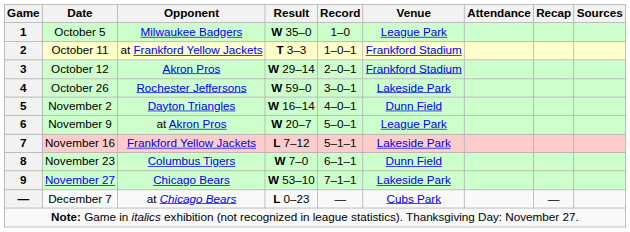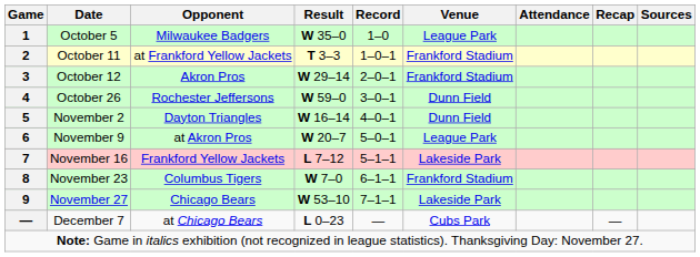 <table class="wikitable" style="text-align:center">
 <tr>
 <th>Game</th>
 <th>Date</th>
 <th>Opponent</th>
 <th>Result</th>
 <th>Record</th>
 <th>Venue</th>
 <th>Attendance</th>
 <th>Recap</th>
 <th>Sources</th>
 </tr>
 <tr style="background:#cfc">
 <th>1</th>
 <td>October 5</td>
 <td><a href='#'>Milwaukee Badgers</a></td>
 <td><strong>W</strong> 35–0</td>
 <td>1–0</td>
 <td><a href='#'>League Park</a></td>
 <td></td>
 <td></td>
 <td></td>
 </tr>
 <tr style="background:#ffc">
 <th>2</th>
 <td>October 11</td>
 <td>at <a href='#'>Frankford Yellow Jackets</a></td>
 <td><strong>T</strong> 3–3</td>
 <td>1–0–1</td>
 <td><a href='#'>Frankford Stadium</a></td>
 <td></td>
 <td></td>
 <td></td>
 </tr>
 <tr style="background:#cfc">
 <th>3</th>
 <td>October 12</td>
 <td><a href='#'>Akron Pros</a></td>
 <td><strong>W</strong> 29–14</td>
 <td>2–0–1</td>
 <td><a href='#'>Frankford Stadium</a></td>
 <td></td>
 <td></td>
 <td></td>
 </tr>
 <tr style="background:#cfc">
 <th>4</th>
 <td>October 26</td>
 <td><a href='#'>Rochester Jeffersons</a></td>
 <td><strong>W</strong> 59–0</td>
 <td>3–0–1</td>
-<td><a href='#'>Lakeside Park</a></td>
+<td><a href='#'>Dunn Field</a></td>
 <td></td>
 <td></td>
 <td></td>
 </tr>
 <tr style="background:#cfc">
 <th>5</th>
 <td>November 2</td>
 <td><a href='#'>Dayton Triangles</a></td>
 <td><strong>W</strong> 16–14</td>
 <td>4–0–1</td>
 <td><a href='#'>Dunn Field</a></td>
 <td></td>
 <td></td>
 <td></td>
 </tr>
 <tr style="background:#cfc">
 <th>6</th>
 <td>November 9</td>
 <td>at <a href='#'>Akron Pros</a></td>
 <td><strong>W</strong> 20–7</td>
 <td>5–0–1</td>
 <td><a href='#'>League Park</a></td>
 <td></td>
 <td></td>
 <td></td>
 </tr>
 <tr style="background:#fcc">
 <th>7</th>
 <td>November 16</td>
 <td><a href='#'>Frankford Yellow Jackets</a></td>
 <td><strong>L</strong> 7–12</td>
 <td>5–1–1</td>
 <td><a href='#'>Lakeside Park</a></td>
 <td></td>
 <td></td>
 <td></td>
 </tr>
 <tr style="background:#cfc">
 <th>8</th>
 <td>November 23</td>
 <td><a href='#'>Columbus Tigers</a></td>
 <td><strong>W</strong> 7–0</td>
 <td>6–1–1</td>
-<td><a href='#'>Dunn Field</a></td>
+<td><a href='#'>Frankford Stadium</a></td>
 <td></td>
 <td></td>
 <td></td>
 </tr>
 <tr style="background:#cfc">
 <th>9</th>
 <td><a href='#'>November 27</a></td>
 <td><a href='#'>Chicago Bears</a></td>
 <td><strong>W</strong> 53–10</td>
 <td>7–1–1</td>
 <td><a href='#'>Lakeside Park</a></td>
 <td></td>
 <td></td>
 <td></td>
 </tr>
 <tr>
 <th>—</th>
 <td>December 7</td>
 <td>at <em><a href='#'>Chicago Bears</a></em></td>
 <td><strong>L</strong> 0–23</td>
 <td>—</td>
 <td><a href='#'>Cubs Park</a></td>
 <td></td>
 <td>—</td>
 <td></td>
 </tr>
 <tr>
 <td colspan="10"><strong>Note:</strong> Game in <em>italics</em> exhibition (not recognized in league statistics). Thanksgiving Day: November 27.</td>
 </tr>
 </table>
